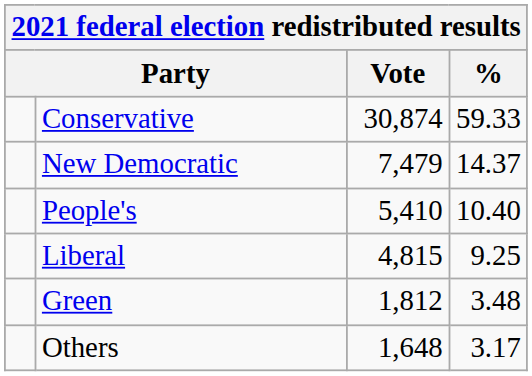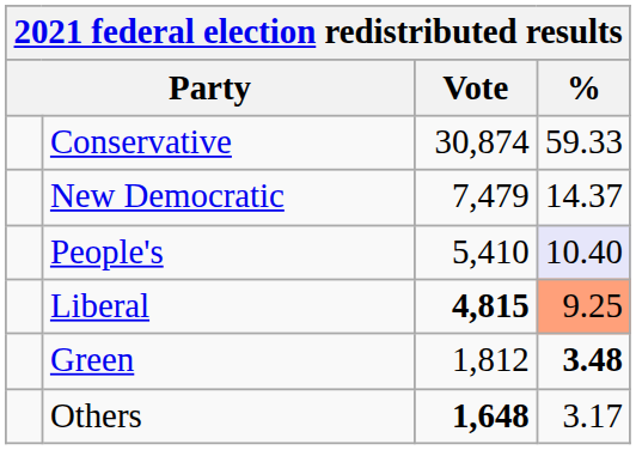 <table class="wikitable">
 <tr>
 <th colspan="4"><a href='#'>2021 federal election</a> redistributed results</th>
 </tr>
 <tr>
 <th bgcolor="#DDDDFF" width="130px" colspan="2">Party</th>
 <th bgcolor="#DDDDFF" width="50px">Vote</th>
 <th bgcolor="#DDDDFF" width="30px">%</th>
 </tr>
 <tr>
 <td> </td>
 <td><a href='#'>Conservative</a></td>
 <td align=right>30,874</td>
 <td align=right>59.33</td>
 </tr>
 <tr>
 <td> </td>
 <td><a href='#'>New Democratic</a></td>
 <td align=right>7,479</td>
 <td align=right>14.37</td>
 </tr>
 <tr>
 <td> </td>
 <td><a href='#'>People's</a></td>
 <td align=right>5,410</td>
-<td align=right>10.40</td>
+<td align=right style="background: lavender;">10.40</td>
 </tr>
 <tr>
 <td> </td>
 <td><a href='#'>Liberal</a></td>
-<td align=right>4,815</td>
-<td align=right>9.25</td>
+<td align=right><strong>4,815</strong></td>
+<td align=right style="background: lightsalmon;">9.25</td>
 </tr>
 <tr>
 <td> </td>
 <td><a href='#'>Green</a></td>
 <td align=right>1,812</td>
-<td align=right>3.48</td>
+<td align=right><strong>3.48</strong></td>
 </tr>
 <tr>
 <td> </td>
 <td>Others</td>
-<td align=right>1,648</td>
+<td align=right><strong>1,648</strong></td>
 <td align=right>3.17</td>
 </tr>
 </table>
